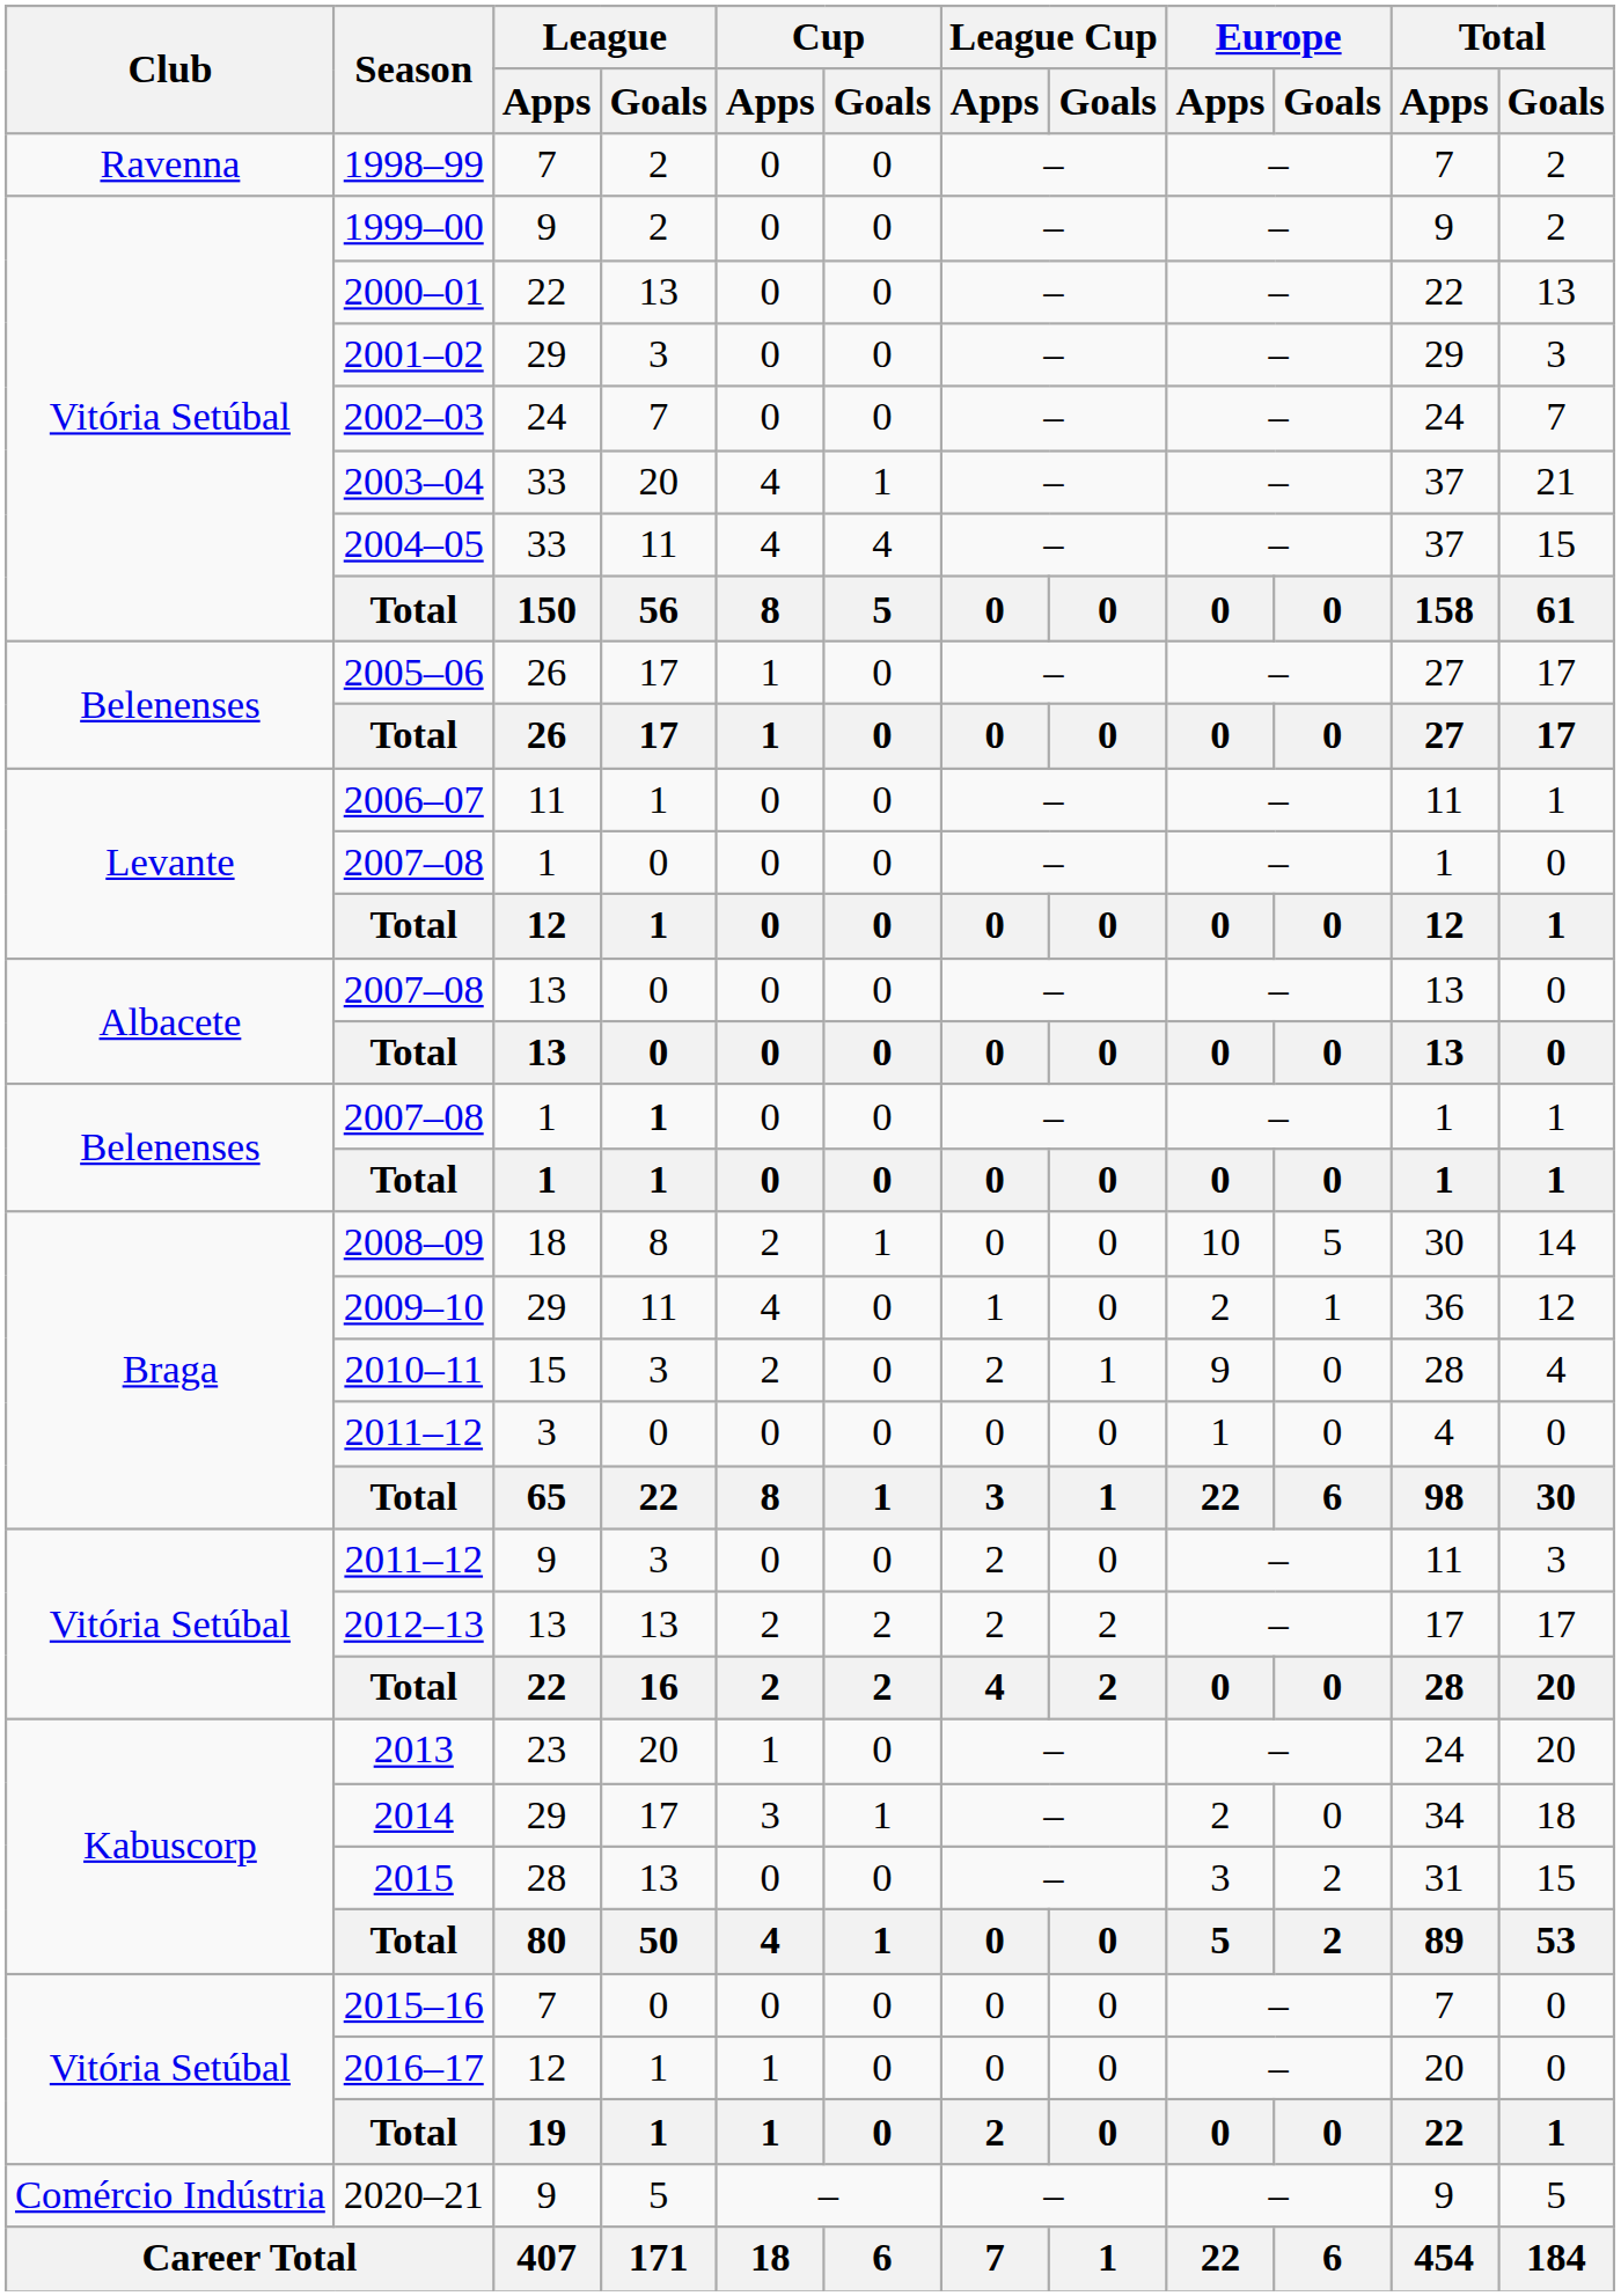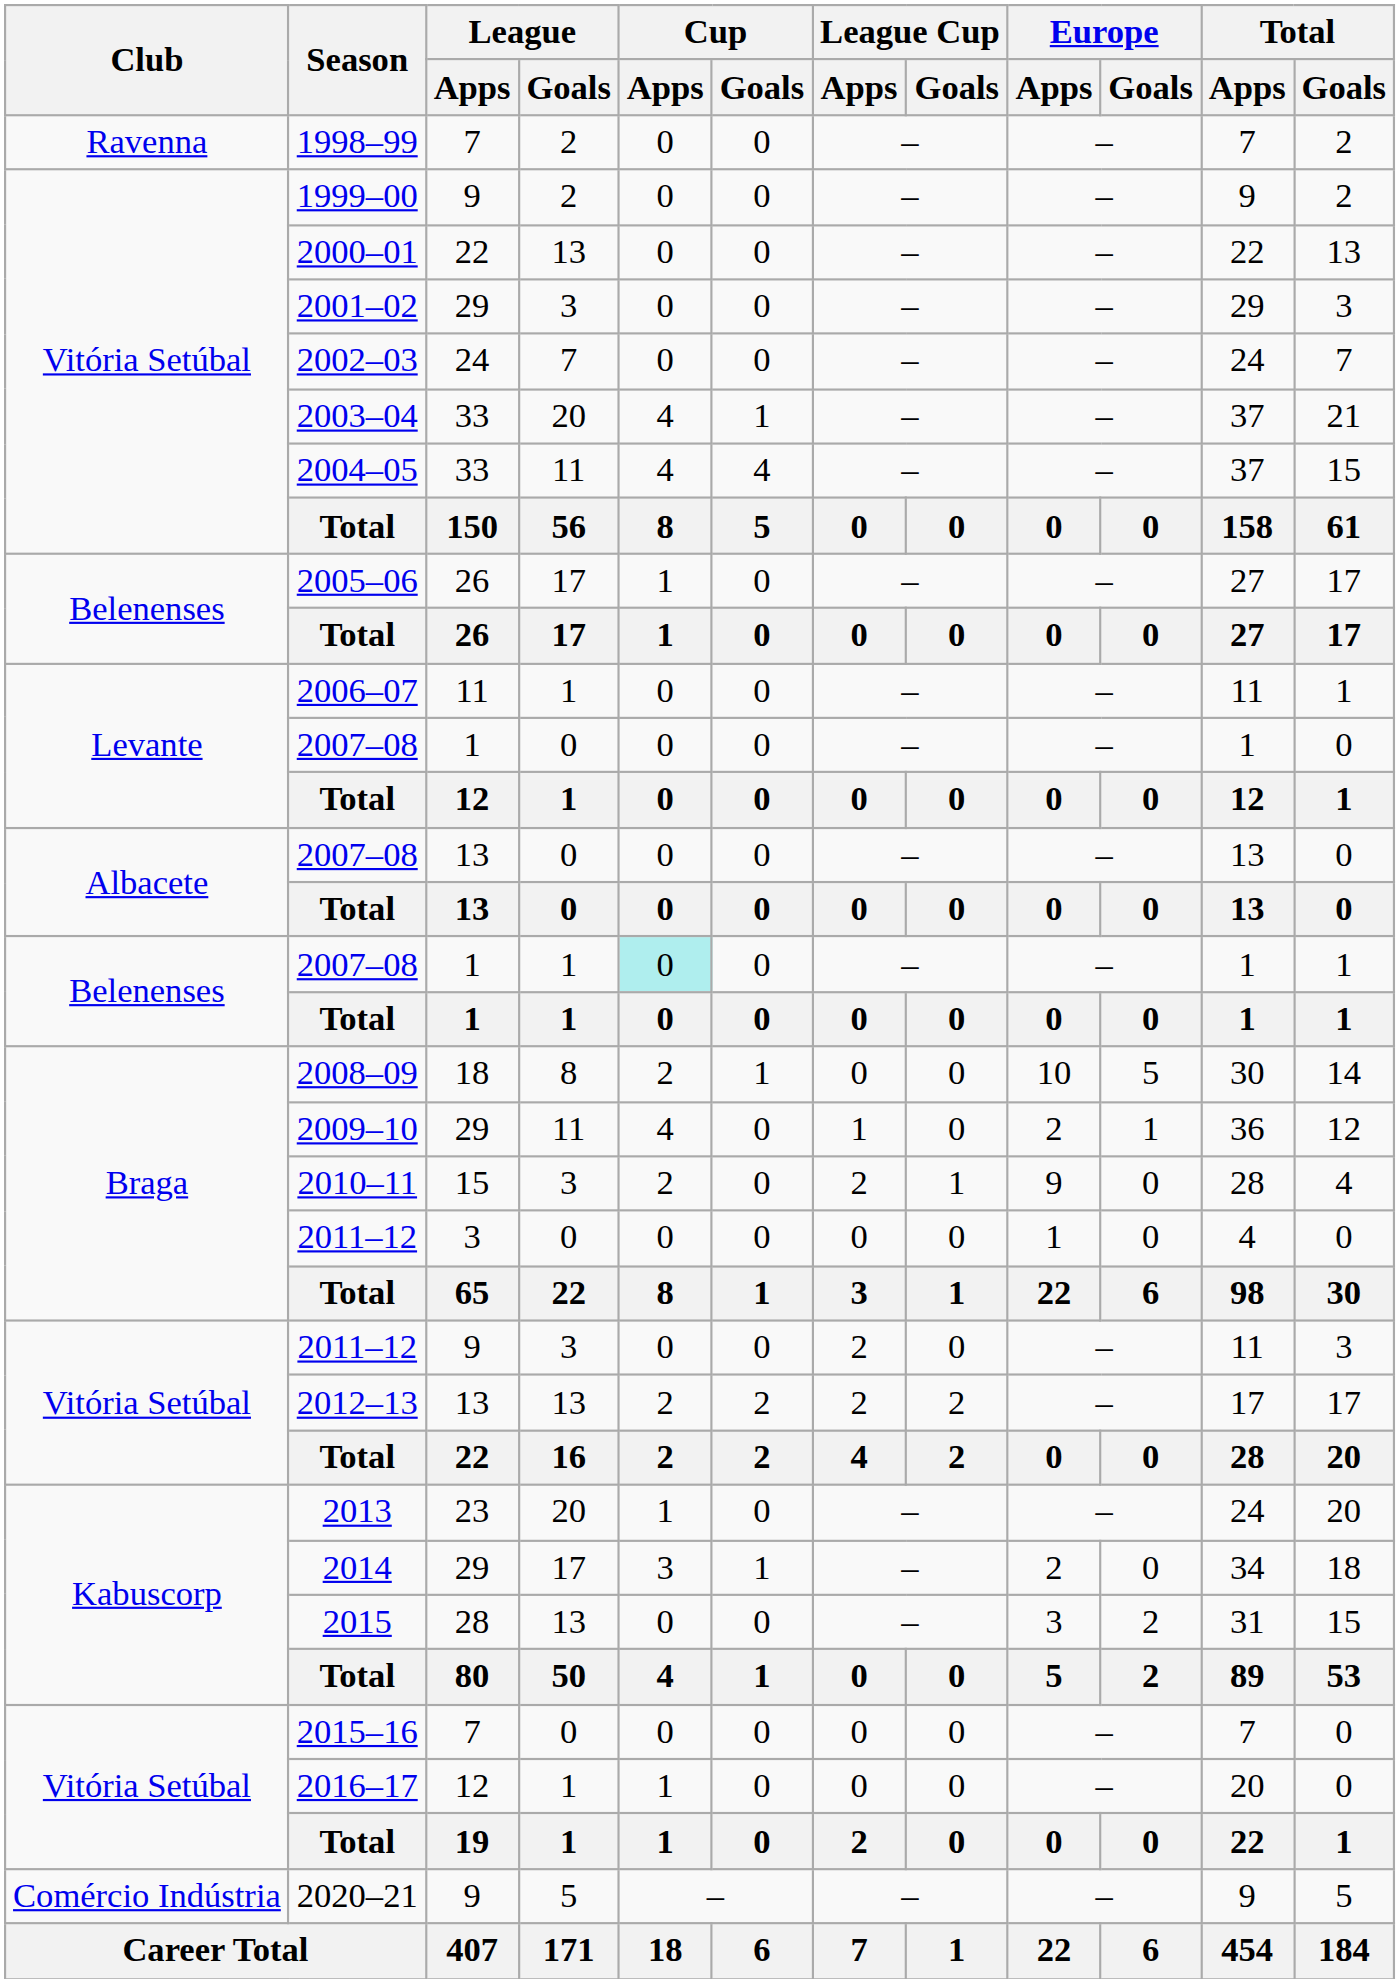 <table class="wikitable" style="text-align:center;">
 <tr>
 <th rowspan="2">Club</th>
 <th rowspan="2">Season</th>
 <th colspan="2">League</th>
 <th colspan="2">Cup</th>
 <th colspan="2">League Cup</th>
 <th colspan="2"><a href='#'>Europe</a></th>
 <th colspan="2">Total</th>
 </tr>
 <tr>
 <th>Apps</th>
 <th>Goals</th>
 <th>Apps</th>
 <th>Goals</th>
 <th>Apps</th>
 <th>Goals</th>
 <th>Apps</th>
 <th>Goals</th>
 <th>Apps</th>
 <th>Goals</th>
 </tr>
 <tr>
 <td rowspan="1"><a href='#'>Ravenna</a></td>
 <td><a href='#'>1998–99</a></td>
 <td>7</td>
 <td>2</td>
 <td>0</td>
 <td>0</td>
 <td colspan=2>–</td>
 <td colspan=2>–</td>
 <td>7</td>
 <td>2</td>
 </tr>
 <tr>
 <td rowspan="7"><a href='#'>Vitória Setúbal</a></td>
 <td><a href='#'>1999–00</a></td>
 <td>9</td>
 <td>2</td>
 <td>0</td>
 <td>0</td>
 <td colspan=2>–</td>
 <td colspan=2>–</td>
 <td>9</td>
 <td>2</td>
 </tr>
 <tr>
 <td><a href='#'>2000–01</a></td>
 <td>22</td>
 <td>13</td>
 <td>0</td>
 <td>0</td>
 <td colspan=2>–</td>
 <td colspan=2>–</td>
 <td>22</td>
 <td>13</td>
 </tr>
 <tr>
 <td><a href='#'>2001–02</a></td>
 <td>29</td>
 <td>3</td>
 <td>0</td>
 <td>0</td>
 <td colspan=2>–</td>
 <td colspan=2>–</td>
 <td>29</td>
 <td>3</td>
 </tr>
 <tr>
 <td><a href='#'>2002–03</a></td>
 <td>24</td>
 <td>7</td>
 <td>0</td>
 <td>0</td>
 <td colspan=2>–</td>
 <td colspan=2>–</td>
 <td>24</td>
 <td>7</td>
 </tr>
 <tr>
 <td><a href='#'>2003–04</a></td>
 <td>33</td>
 <td>20</td>
 <td>4</td>
 <td>1</td>
 <td colspan=2>–</td>
 <td colspan=2>–</td>
 <td>37</td>
 <td>21</td>
 </tr>
 <tr>
 <td><a href='#'>2004–05</a></td>
 <td>33</td>
 <td>11</td>
 <td>4</td>
 <td>4</td>
 <td colspan=2>–</td>
 <td colspan=2>–</td>
 <td>37</td>
 <td>15</td>
 </tr>
 <tr>
 <th>Total</th>
 <th>150</th>
 <th>56</th>
 <th>8</th>
 <th>5</th>
 <th>0</th>
 <th>0</th>
 <th>0</th>
 <th>0</th>
 <th>158</th>
 <th>61</th>
 </tr>
 <tr>
 <td rowspan="2"><a href='#'>Belenenses</a></td>
 <td><a href='#'>2005–06</a></td>
 <td>26</td>
 <td>17</td>
 <td>1</td>
 <td>0</td>
 <td colspan=2>–</td>
 <td colspan=2>–</td>
 <td>27</td>
 <td>17</td>
 </tr>
 <tr>
 <th>Total</th>
 <th>26</th>
 <th>17</th>
 <th>1</th>
 <th>0</th>
 <th>0</th>
 <th>0</th>
 <th>0</th>
 <th>0</th>
 <th>27</th>
 <th>17</th>
 </tr>
 <tr>
 <td rowspan="3"><a href='#'>Levante</a></td>
 <td><a href='#'>2006–07</a></td>
 <td>11</td>
 <td>1</td>
 <td>0</td>
 <td>0</td>
 <td colspan=2>–</td>
 <td colspan=2>–</td>
 <td>11</td>
 <td>1</td>
 </tr>
 <tr>
 <td><a href='#'>2007–08</a></td>
 <td>1</td>
 <td>0</td>
 <td>0</td>
 <td>0</td>
 <td colspan=2>–</td>
 <td colspan=2>–</td>
 <td>1</td>
 <td>0</td>
 </tr>
 <tr>
 <th>Total</th>
 <th>12</th>
 <th>1</th>
 <th>0</th>
 <th>0</th>
 <th>0</th>
 <th>0</th>
 <th>0</th>
 <th>0</th>
 <th>12</th>
 <th>1</th>
 </tr>
 <tr>
 <td rowspan="2"><a href='#'>Albacete</a></td>
 <td><a href='#'>2007–08</a></td>
 <td>13</td>
 <td>0</td>
 <td>0</td>
 <td>0</td>
 <td colspan=2>–</td>
 <td colspan=2>–</td>
 <td>13</td>
 <td>0</td>
 </tr>
 <tr>
 <th>Total</th>
 <th>13</th>
 <th>0</th>
 <th>0</th>
 <th>0</th>
 <th>0</th>
 <th>0</th>
 <th>0</th>
 <th>0</th>
 <th>13</th>
 <th>0</th>
 </tr>
 <tr>
 <td rowspan="2"><a href='#'>Belenenses</a></td>
 <td><a href='#'>2007–08</a></td>
 <td>1</td>
-<td><strong>1</strong></td>
-<td>0</td>
+<td>1</td>
+<td style="background: paleturquoise;">0</td>
 <td>0</td>
 <td colspan=2>–</td>
 <td colspan=2>–</td>
 <td>1</td>
 <td>1</td>
 </tr>
 <tr>
 <th>Total</th>
 <th>1</th>
 <th>1</th>
 <th>0</th>
 <th>0</th>
 <th>0</th>
 <th>0</th>
 <th>0</th>
 <th>0</th>
 <th>1</th>
 <th>1</th>
 </tr>
 <tr>
 <td rowspan="5"><a href='#'>Braga</a></td>
 <td><a href='#'>2008–09</a></td>
 <td>18</td>
 <td>8</td>
 <td>2</td>
 <td>1</td>
 <td>0</td>
 <td>0</td>
 <td>10</td>
 <td>5</td>
 <td>30</td>
 <td>14</td>
 </tr>
 <tr>
 <td><a href='#'>2009–10</a></td>
 <td>29</td>
 <td>11</td>
 <td>4</td>
 <td>0</td>
 <td>1</td>
 <td>0</td>
 <td>2</td>
 <td>1</td>
 <td>36</td>
 <td>12</td>
 </tr>
 <tr>
 <td><a href='#'>2010–11</a></td>
 <td>15</td>
 <td>3</td>
 <td>2</td>
 <td>0</td>
 <td>2</td>
 <td>1</td>
 <td>9</td>
 <td>0</td>
 <td>28</td>
 <td>4</td>
 </tr>
 <tr>
 <td><a href='#'>2011–12</a></td>
 <td>3</td>
 <td>0</td>
 <td>0</td>
 <td>0</td>
 <td>0</td>
 <td>0</td>
 <td>1</td>
 <td>0</td>
 <td>4</td>
 <td>0</td>
 </tr>
 <tr>
 <th>Total</th>
 <th>65</th>
 <th>22</th>
 <th>8</th>
 <th>1</th>
 <th>3</th>
 <th>1</th>
 <th>22</th>
 <th>6</th>
 <th>98</th>
 <th>30</th>
 </tr>
 <tr>
 <td rowspan="3"><a href='#'>Vitória Setúbal</a></td>
 <td><a href='#'>2011–12</a></td>
 <td>9</td>
 <td>3</td>
 <td>0</td>
 <td>0</td>
 <td>2</td>
 <td>0</td>
 <td colspan=2>–</td>
 <td>11</td>
 <td>3</td>
 </tr>
 <tr>
 <td><a href='#'>2012–13</a></td>
 <td>13</td>
 <td>13</td>
 <td>2</td>
 <td>2</td>
 <td>2</td>
 <td>2</td>
 <td colspan=2>–</td>
 <td>17</td>
 <td>17</td>
 </tr>
 <tr>
 <th>Total</th>
 <th>22</th>
 <th>16</th>
 <th>2</th>
 <th>2</th>
 <th>4</th>
 <th>2</th>
 <th>0</th>
 <th>0</th>
 <th>28</th>
 <th>20</th>
 </tr>
 <tr>
 <td rowspan="4"><a href='#'>Kabuscorp</a></td>
 <td><a href='#'>2013</a></td>
 <td>23</td>
 <td>20</td>
 <td>1</td>
 <td>0</td>
 <td colspan=2>–</td>
 <td colspan=2>–</td>
 <td>24</td>
 <td>20</td>
 </tr>
 <tr>
 <td><a href='#'>2014</a></td>
 <td>29</td>
 <td>17</td>
 <td>3</td>
 <td>1</td>
 <td colspan=2>–</td>
 <td>2</td>
 <td>0</td>
 <td>34</td>
 <td>18</td>
 </tr>
 <tr>
 <td><a href='#'>2015</a></td>
 <td>28</td>
 <td>13</td>
 <td>0</td>
 <td>0</td>
 <td colspan="2">–</td>
 <td>3</td>
 <td>2</td>
 <td>31</td>
 <td>15</td>
 </tr>
 <tr>
 <th>Total</th>
 <th>80</th>
 <th>50</th>
 <th>4</th>
 <th>1</th>
 <th>0</th>
 <th>0</th>
 <th>5</th>
 <th>2</th>
 <th>89</th>
 <th>53</th>
 </tr>
 <tr>
 <td rowspan="3"><a href='#'>Vitória Setúbal</a></td>
 <td><a href='#'>2015–16</a></td>
 <td>7</td>
 <td>0</td>
 <td>0</td>
 <td>0</td>
 <td 0>0</td>
 <td>0</td>
 <td colspan=2>–</td>
 <td>7</td>
 <td>0</td>
 </tr>
 <tr>
 <td><a href='#'>2016–17</a></td>
 <td>12</td>
 <td>1</td>
 <td>1</td>
 <td>0</td>
 <td 2>0</td>
 <td>0</td>
 <td colspan=2>–</td>
 <td>20</td>
 <td>0</td>
 </tr>
 <tr>
 <th>Total</th>
 <th>19</th>
 <th>1</th>
 <th>1</th>
 <th>0</th>
 <th>2</th>
 <th>0</th>
 <th>0</th>
 <th>0</th>
 <th>22</th>
 <th>1</th>
 </tr>
 <tr>
 <td><a href='#'>Comércio Indústria</a></td>
 <td>2020–21</td>
 <td>9</td>
 <td>5</td>
 <td colspan="2">–</td>
 <td colspan="2">–</td>
 <td colspan="2">–</td>
 <td>9</td>
 <td>5</td>
 </tr>
 <tr>
 <th colspan="2">Career Total</th>
 <th>407</th>
 <th>171</th>
 <th>18</th>
 <th>6</th>
 <th>7</th>
 <th>1</th>
 <th>22</th>
 <th>6</th>
 <th>454</th>
 <th>184</th>
 </tr>
 </table>
